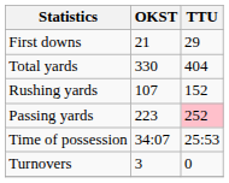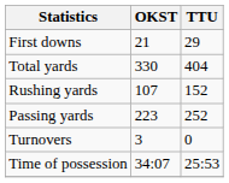 <table class="wikitable">
 <tr>
 <th>Statistics</th>
 <th>OKST</th>
 <th>TTU</th>
 </tr>
 <tr>
 <td>First downs</td>
 <td>21</td>
 <td>29</td>
 </tr>
 <tr>
 <td>Total yards</td>
 <td>330</td>
 <td>404</td>
 </tr>
 <tr>
 <td>Rushing yards</td>
 <td>107</td>
 <td>152</td>
 </tr>
 <tr>
 <td>Passing yards</td>
 <td>223</td>
-<td style="background: pink;">252</td>
+<td>252</td>
+</tr>
+<tr>
+<td>Turnovers</td>
+<td>3</td>
+<td>0</td>
 </tr>
 <tr>
 <td>Time of possession</td>
 <td>34:07</td>
 <td>25:53</td>
 </tr>
 <tr>
-<td>Turnovers</td>
-<td>3</td>
-<td>0</td>
-</tr>
-<tr>
 </tr>
 </table>
